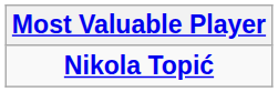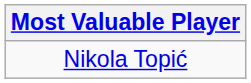 <table class=wikitable style="text-align:center; margin:auto">
 <tr>
 <th><a href='#'>Most Valuable Player</a></th>
 </tr>
 <tr>
-<td><strong> <a href='#'>Nikola Topić</a></strong></td>
+<td> <a href='#'>Nikola Topić</a></td>
 </tr>
 </table>
